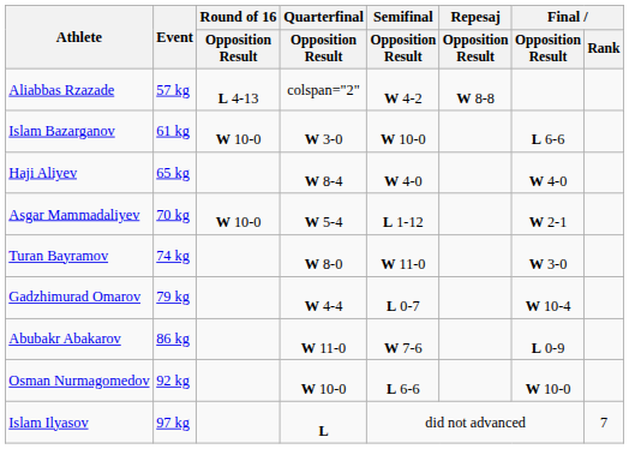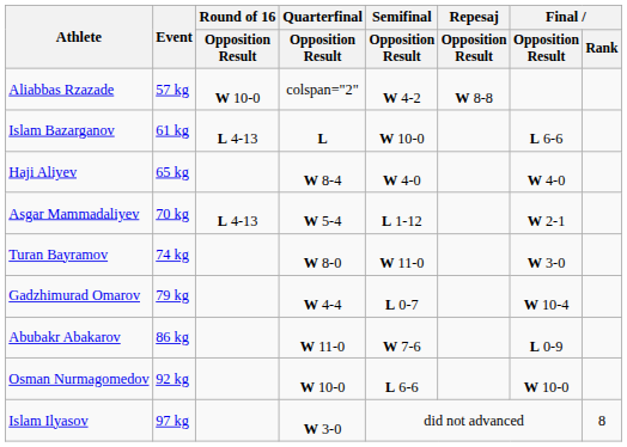 <table class=wikitable style=font-size:90%;text-align:center>
 <tr>
 <th rowspan=2>Athlete</th>
 <th rowspan=2>Event</th>
 <th>Round of 16</th>
 <th>Quarterfinal</th>
 <th>Semifinal</th>
 <th>Repesaj</th>
 <th colspan=2>Final / </th>
 </tr>
 <tr style=font-size:95%>
 <th>Opposition<br>Result</th>
 <th>Opposition<br>Result</th>
 <th>Opposition<br>Result</th>
 <th>Opposition<br>Result</th>
 <th>Opposition<br>Result</th>
 <th>Rank</th>
 </tr>
 <tr>
 <td align=left><a href='#'>Aliabbas Rzazade</a></td>
 <td align=left><a href='#'>57 kg</a></td>
-<td><br><strong>L</strong> 4-13</td>
+<td><br><strong>W</strong> 10-0</td>
 <td>colspan="2" </td>
 <td><br><strong>W</strong> 4-2</td>
 <td><br><strong>W</strong> 8-8</td>
 <td></td>
 </tr>
 <tr>
 <td align=left><a href='#'>Islam Bazarganov</a></td>
 <td align=left><a href='#'>61 kg</a></td>
-<td><br><strong>W</strong> 10-0</td>
-<td><br><strong>W</strong> 3-0</td>
+<td><br><strong>L</strong> 4-13</td>
+<td><br><strong>L</strong></td>
 <td><br><strong>W</strong> 10-0</td>
 <td></td>
 <td><br><strong>L</strong> 6-6</td>
 <td></td>
 </tr>
 <tr>
 <td align=left><a href='#'>Haji Aliyev</a></td>
 <td align=left><a href='#'>65 kg</a></td>
 <td></td>
 <td><br><strong>W</strong> 8-4</td>
 <td><br><strong>W</strong> 4-0</td>
 <td></td>
 <td><br><strong>W</strong> 4-0</td>
 <td></td>
 </tr>
 <tr>
 <td align=left><a href='#'>Asgar Mammadaliyev</a></td>
 <td align=left><a href='#'>70 kg</a></td>
-<td><br><strong>W</strong> 10-0</td>
+<td><br><strong>L</strong> 4-13</td>
 <td><br><strong>W</strong> 5-4</td>
 <td><br><strong>L</strong> 1-12</td>
 <td></td>
 <td><br><strong>W</strong> 2-1</td>
 <td></td>
 </tr>
 <tr>
 <td align=left><a href='#'>Turan Bayramov</a></td>
 <td align=left><a href='#'>74 kg</a></td>
 <td></td>
 <td><br><strong>W</strong> 8-0</td>
 <td><br><strong>W</strong> 11-0</td>
 <td></td>
 <td><br><strong>W</strong> 3-0</td>
 <td></td>
 </tr>
 <tr>
 <td align=left><a href='#'>Gadzhimurad Omarov</a></td>
 <td align=left><a href='#'>79 kg</a></td>
 <td></td>
 <td><br><strong>W</strong> 4-4</td>
 <td><br><strong>L</strong> 0-7</td>
 <td></td>
 <td><br><strong>W</strong> 10-4</td>
 <td></td>
 </tr>
 <tr>
 <td align=left><a href='#'>Abubakr Abakarov</a></td>
 <td align=left><a href='#'>86 kg</a></td>
 <td></td>
 <td><br><strong>W</strong> 11-0</td>
 <td><br><strong>W</strong> 7-6</td>
 <td></td>
 <td><br><strong>L</strong> 0-9</td>
 <td></td>
 </tr>
 <tr>
 <td align=left><a href='#'>Osman Nurmagomedov</a></td>
 <td align=left><a href='#'>92 kg</a></td>
 <td></td>
 <td><br><strong>W</strong> 10-0</td>
 <td><br><strong>L</strong> 6-6</td>
 <td></td>
 <td><br><strong>W</strong> 10-0</td>
 <td></td>
 </tr>
 <tr>
 <td align=left><a href='#'>Islam Ilyasov</a></td>
 <td align=left><a href='#'>97 kg</a></td>
 <td></td>
-<td><br><strong>L</strong></td>
+<td><br><strong>W</strong> 3-0</td>
 <td colspan=3>did not advanced</td>
-<td>7</td>
+<td>8</td>
 </tr>
 </table>
